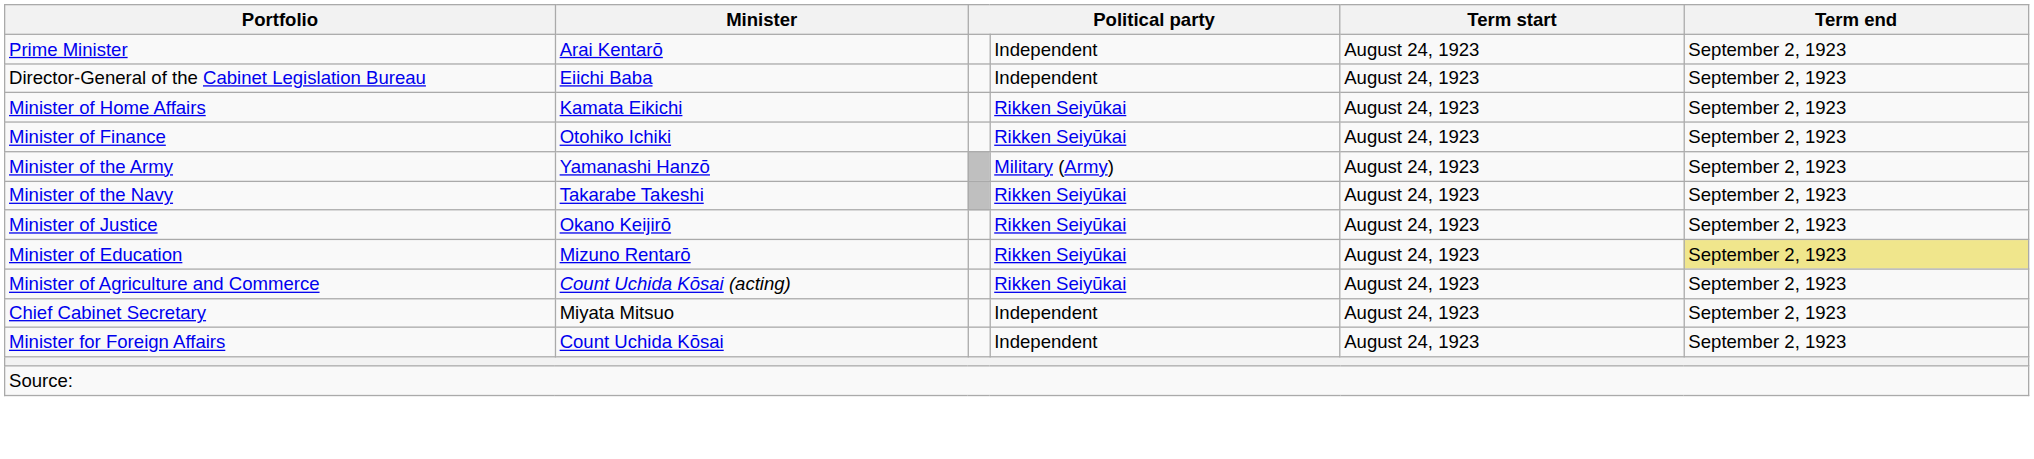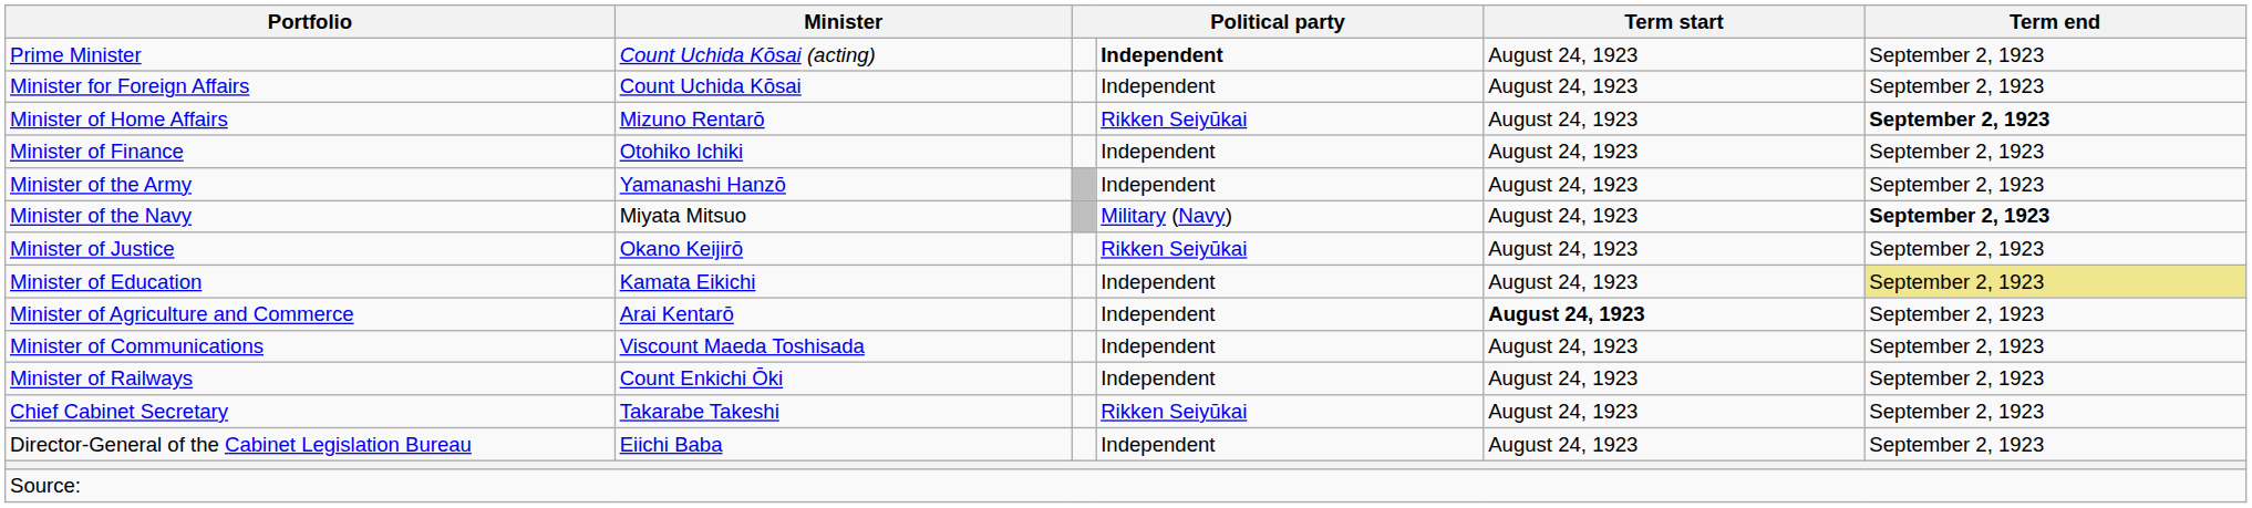 <table class="wikitable unsortable" style="font-size: 90%;">
 <tr>
 <th scope="col" width="20%">Portfolio</th>
 <th scope="col" width="15%">Minister</th>
 <th colspan="2" scope="col" width="13.5%">Political party</th>
 <th scope="col" width="12.5%">Term start</th>
 <th scope="col" width="12.5%">Term end</th>
 </tr>
 <tr>
 <td style="text-align: left;"><a href='#'>Prime Minister</a></td>
+<td><em><a href='#'>Count Uchida Kōsai</a> (acting)</em></td>
+<td style="color:inherit;background:"></td>
+<td><strong>Independent</strong></td>
+<td>August 24, 1923</td>
+<td>September 2, 1923</td>
+</tr>
+<tr>
+<td><a href='#'>Minister for Foreign Affairs</a></td>
+<td><a href='#'>Count Uchida Kōsai</a></td>
+<td style="color:inherit;background:"></td>
+<td>Independent</td>
+<td>August 24, 1923</td>
+<td>September 2, 1923</td>
+</tr>
+<tr>
+<td><a href='#'>Minister of Home Affairs</a></td>
+<td><a href='#'>Mizuno Rentarō</a></td>
+<td style="color:inherit;background:"></td>
+<td><a href='#'>Rikken Seiyūkai</a></td>
+<td>August 24, 1923</td>
+<td><strong>September 2, 1923</strong></td>
+</tr>
+<tr>
+<td><a href='#'>Minister of Finance</a></td>
+<td><a href='#'>Otohiko Ichiki</a></td>
+<td style="color:inherit;background:"></td>
+<td>Independent</td>
+<td>August 24, 1923</td>
+<td>September 2, 1923</td>
+</tr>
+<tr>
+<td><a href='#'>Minister of the Army</a></td>
+<td><a href='#'>Yamanashi Hanzō</a></td>
+<td style="color:inherit;background:#bfbfbf"></td>
+<td>Independent</td>
+<td>August 24, 1923</td>
+<td>September 2, 1923</td>
+</tr>
+<tr>
+<td><a href='#'>Minister of the Navy</a></td>
+<td>Miyata Mitsuo</td>
+<td style="color:inherit;background:#bfbfbf"></td>
+<td><a href='#'>Military</a> (<a href='#'>Navy</a>)</td>
+<td>August 24, 1923</td>
+<td><strong>September 2, 1923</strong></td>
+</tr>
+<tr>
+<td><a href='#'>Minister of Justice</a></td>
+<td><a href='#'>Okano Keijirō</a></td>
+<td style="color:inherit;background:"></td>
+<td><a href='#'>Rikken Seiyūkai</a></td>
+<td>August 24, 1923</td>
+<td>September 2, 1923</td>
+</tr>
+<tr>
+<td><a href='#'>Minister of Education</a></td>
+<td><a href='#'>Kamata Eikichi</a></td>
+<td style="color:inherit;background:"></td>
+<td>Independent</td>
+<td>August 24, 1923</td>
+<td style="background: khaki;">September 2, 1923</td>
+</tr>
+<tr>
+<td><a href='#'>Minister of Agriculture and Commerce</a></td>
 <td><a href='#'>Arai Kentarō</a></td>
 <td style="color:inherit;background:"></td>
 <td>Independent</td>
+<td><strong>August 24, 1923</strong></td>
+<td>September 2, 1923</td>
+</tr>
+<tr>
+<td><a href='#'>Minister of Communications</a></td>
+<td><a href='#'>Viscount Maeda Toshisada</a></td>
+<td style="color:inherit;background:"></td>
+<td>Independent</td>
+<td>August 24, 1923</td>
+<td>September 2, 1923</td>
+</tr>
+<tr>
+<td><a href='#'>Minister of Railways</a></td>
+<td><a href='#'>Count Enkichi Ōki</a></td>
+<td style="color:inherit;background:"></td>
+<td>Independent</td>
+<td>August 24, 1923</td>
+<td>September 2, 1923</td>
+</tr>
+<tr>
+<td><a href='#'>Chief Cabinet Secretary</a></td>
+<td><a href='#'>Takarabe Takeshi</a></td>
+<td style="color:inherit;background:"></td>
+<td><a href='#'>Rikken Seiyūkai</a></td>
 <td>August 24, 1923</td>
 <td>September 2, 1923</td>
 </tr>
 <tr>
 <td>Director-General of the <a href='#'>Cabinet Legislation Bureau</a></td>
 <td><a href='#'>Eiichi Baba</a></td>
 <td style="color:inherit;background:"></td>
 <td>Independent</td>
 <td>August 24, 1923</td>
 <td>September 2, 1923</td>
 </tr>
 <tr>
-<td><a href='#'>Minister of Home Affairs</a></td>
-<td><a href='#'>Kamata Eikichi</a></td>
-<td style="color:inherit;background:"></td>
-<td><a href='#'>Rikken Seiyūkai</a></td>
-<td>August 24, 1923</td>
-<td>September 2, 1923</td>
-</tr>
-<tr>
-<td><a href='#'>Minister of Finance</a></td>
-<td><a href='#'>Otohiko Ichiki</a></td>
-<td style="color:inherit;background:"></td>
-<td><a href='#'>Rikken Seiyūkai</a></td>
-<td>August 24, 1923</td>
-<td>September 2, 1923</td>
-</tr>
-<tr>
-<td><a href='#'>Minister of the Army</a></td>
-<td><a href='#'>Yamanashi Hanzō</a></td>
-<td style="color:inherit;background:#bfbfbf"></td>
-<td><a href='#'>Military</a> (<a href='#'>Army</a>)</td>
-<td>August 24, 1923</td>
-<td>September 2, 1923</td>
-</tr>
-<tr>
-<td><a href='#'>Minister of the Navy</a></td>
-<td><a href='#'>Takarabe Takeshi</a></td>
-<td style="color:inherit;background:#bfbfbf"></td>
-<td><a href='#'>Rikken Seiyūkai</a></td>
-<td>August 24, 1923</td>
-<td>September 2, 1923</td>
-</tr>
-<tr>
-<td><a href='#'>Minister of Justice</a></td>
-<td><a href='#'>Okano Keijirō</a></td>
-<td style="color:inherit;background:"></td>
-<td><a href='#'>Rikken Seiyūkai</a></td>
-<td>August 24, 1923</td>
-<td>September 2, 1923</td>
-</tr>
-<tr>
-<td><a href='#'>Minister of Education</a></td>
-<td><a href='#'>Mizuno Rentarō</a></td>
-<td style="color:inherit;background:"></td>
-<td><a href='#'>Rikken Seiyūkai</a></td>
-<td>August 24, 1923</td>
-<td style="background: khaki;">September 2, 1923</td>
-</tr>
-<tr>
-<td><a href='#'>Minister of Agriculture and Commerce</a></td>
-<td><em><a href='#'>Count Uchida Kōsai</a> (acting)</em></td>
-<td style="color:inherit;background:"></td>
-<td><a href='#'>Rikken Seiyūkai</a></td>
-<td>August 24, 1923</td>
-<td>September 2, 1923</td>
-</tr>
-<tr>
-<td><a href='#'>Chief Cabinet Secretary</a></td>
-<td>Miyata Mitsuo</td>
-<td style="color:inherit;background:"></td>
-<td>Independent</td>
-<td>August 24, 1923</td>
-<td>September 2, 1923</td>
-</tr>
-<tr>
-<td><a href='#'>Minister for Foreign Affairs</a></td>
-<td><a href='#'>Count Uchida Kōsai</a></td>
-<td style="color:inherit;background:"></td>
-<td>Independent</td>
-<td>August 24, 1923</td>
-<td>September 2, 1923</td>
-</tr>
-<tr>
 <th colspan="6"></th>
 </tr>
 <tr>
 <td colspan="6">Source:</td>
 </tr>
 </table>
